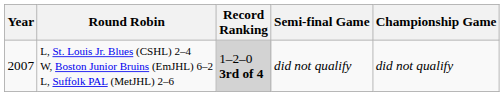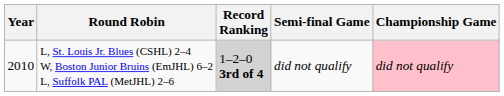 <table class="wikitable">
 <tr>
 <th>Year</th>
 <th>Round Robin</th>
 <th>Record<br>Ranking</th>
 <th>Semi-final Game</th>
 <th>Championship Game</th>
 </tr>
 <tr>
-<td>2007</td>
+<td>2010</td>
 <td><small> L, <a href='#'>St. Louis Jr. Blues</a> (CSHL) 2–4<br>W, <a href='#'>Boston Junior Bruins</a> (EmJHL) 6–2<br>L, <a href='#'>Suffolk PAL</a> (MetJHL) 2–6</small></td>
 <td style="background: lightgrey;">1–2–0<br><strong>3rd of 4</strong></td>
 <td><em>did not qualify</em></td>
-<td><em>did not qualify</em></td>
+<td style="background: pink;"><em>did not qualify</em></td>
 </tr>
 </table>
